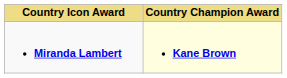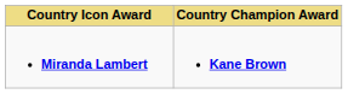 <table class="wikitable">
 <tr>
 <th width="50%" style="background:#EEDD85;">Country Icon Award</th>
 <th width="50%" style="background:#EEDD85;">Country Champion Award</th>
 </tr>
 <tr>
 <td valign="top"><br><ul><li><strong><a href='#'>Miranda Lambert</a></strong></li></ul></td>
-<td style="background: lightyellow;"><br><ul><li><strong><a href='#'>Kane Brown</a></strong></li></ul></td>
+<td><br><ul><li><strong><a href='#'>Kane Brown</a></strong></li></ul></td>
 </tr>
 </table>
